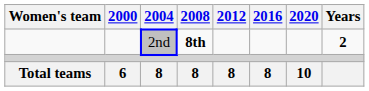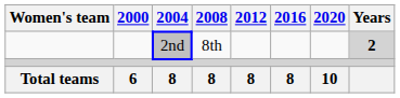 <table class="wikitable" style="text-align: center; font-size: 90%; margin-left: 1em;">
 <tr>
 <th>Women's team</th>
 <th><a href='#'>2000</a></th>
 <th><a href='#'>2004</a></th>
 <th><a href='#'>2008</a></th>
 <th><a href='#'>2012</a></th>
 <th><a href='#'>2016</a></th>
 <th><a href='#'>2020</a></th>
 <th>Years</th>
 </tr>
 <tr>
 <td style="text-align: left;"></td>
 <td></td>
 <td style="border: 2px solid blue; background-color: silver;">2nd</td>
-<td><strong>8th</strong></td>
+<td>8th</td>
 <td></td>
 <td></td>
 <td></td>
-<td><strong>2</strong></td>
+<td style="background: lightgrey;"><strong>2</strong></td>
 </tr>
 <tr style="background-color: lightgrey;">
 <td colspan="8"></td>
 </tr>
 <tr>
 <th>Total teams</th>
 <th>6</th>
 <th>8</th>
 <th>8</th>
 <th>8</th>
 <th>8</th>
 <th>10</th>
 <th></th>
 </tr>
 </table>
